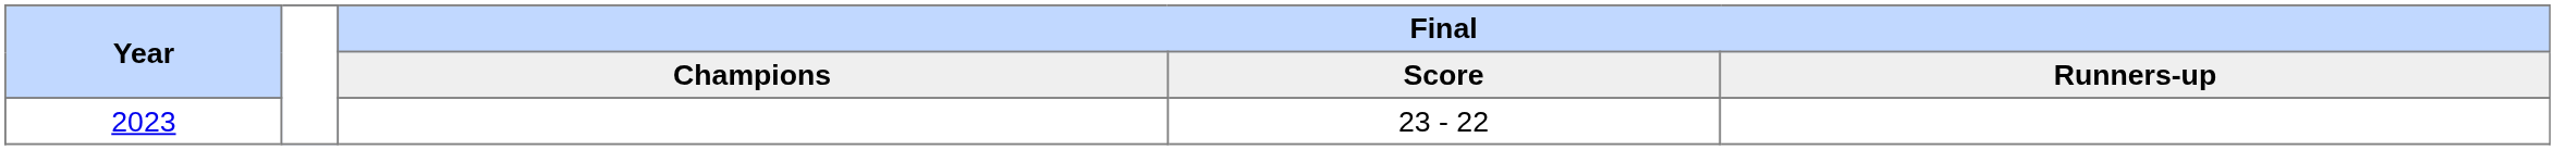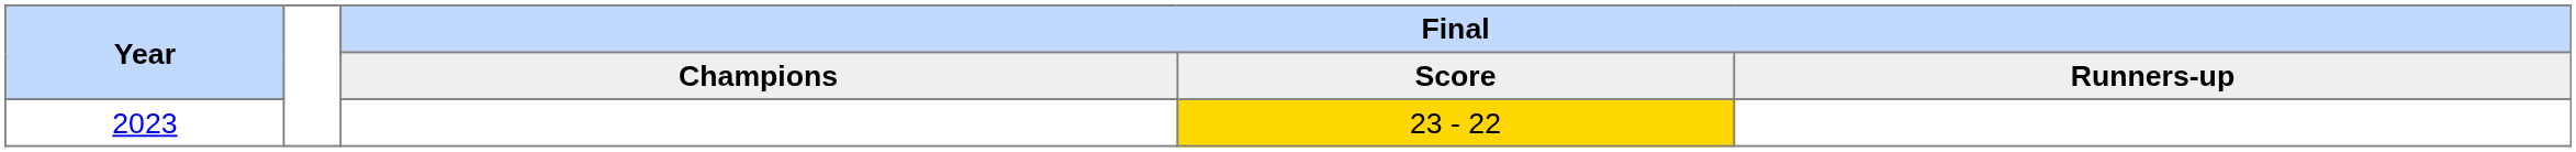 <table border=1 style="border-collapse:collapse; font-size:90%;" cellpadding=3 cellspacing=0 width=100%>
 <tr bgcolor=#C1D8FF>
 <th rowspan=2 width=5%>Year</th>
 <th width=1% rowspan=8 bgcolor=ffffff></th>
 <th colspan=3>Final</th>
 </tr>
 <tr bgcolor=#EFEFEF>
 <th width=15%>Champions</th>
 <th width=10%>Score</th>
 <th width=15%>Runners-up</th>
 </tr>
 <tr align=center>
 <td><a href='#'>2023</a></td>
 <td><strong></strong></td>
-<td>23 - 22</td>
+<td style="background: gold;">23 - 22</td>
 <td></td>
 </tr>
 </table>
